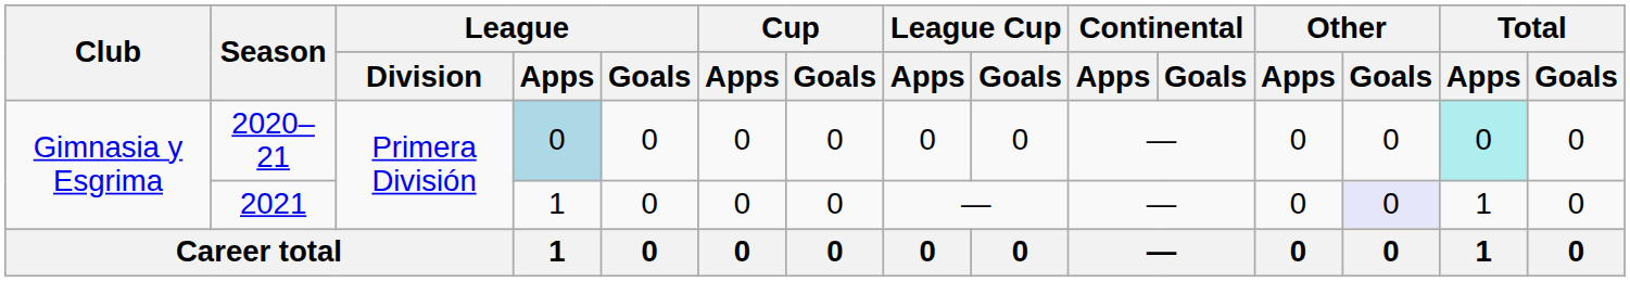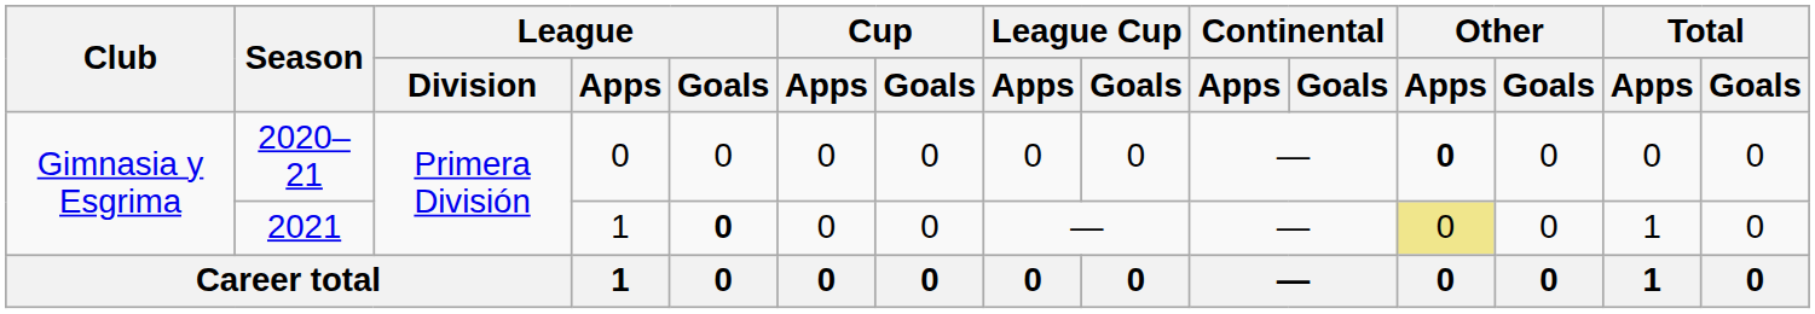 <table class="wikitable" style="text-align:center">
 <tr>
 <th rowspan="2">Club</th>
 <th rowspan="2">Season</th>
 <th colspan="3">League</th>
 <th colspan="2">Cup</th>
 <th colspan="2">League Cup</th>
 <th colspan="2">Continental</th>
 <th colspan="2">Other</th>
 <th colspan="2">Total</th>
 </tr>
 <tr>
 <th>Division</th>
 <th>Apps</th>
 <th>Goals</th>
 <th>Apps</th>
 <th>Goals</th>
 <th>Apps</th>
 <th>Goals</th>
 <th>Apps</th>
 <th>Goals</th>
 <th>Apps</th>
 <th>Goals</th>
 <th>Apps</th>
 <th>Goals</th>
 </tr>
 <tr>
 <td rowspan="2"><a href='#'>Gimnasia y Esgrima</a></td>
 <td><a href='#'>2020–21</a></td>
 <td rowspan="2"><a href='#'>Primera División</a></td>
-<td style="background: lightblue;">0</td>
+<td>0</td>
 <td>0</td>
 <td>0</td>
 <td>0</td>
 <td>0</td>
 <td>0</td>
 <td colspan="2">—</td>
+<td><strong>0</strong></td>
 <td>0</td>
 <td>0</td>
-<td style="background: paleturquoise;">0</td>
 <td>0</td>
 </tr>
 <tr>
 <td><a href='#'>2021</a></td>
 <td>1</td>
-<td>0</td>
+<td><strong>0</strong></td>
 <td>0</td>
 <td>0</td>
 <td colspan="2">—</td>
 <td colspan="2">—</td>
+<td style="background: khaki;">0</td>
 <td>0</td>
-<td style="background: lavender;">0</td>
 <td>1</td>
 <td>0</td>
 </tr>
 <tr>
 <th colspan="3">Career total</th>
 <th>1</th>
 <th>0</th>
 <th>0</th>
 <th>0</th>
 <th>0</th>
 <th>0</th>
 <th colspan="2">—</th>
 <th>0</th>
 <th>0</th>
 <th>1</th>
 <th>0</th>
 </tr>
 </table>
